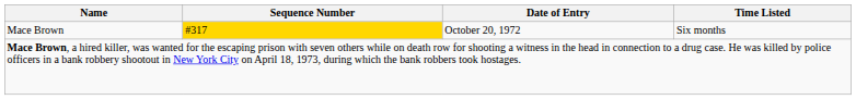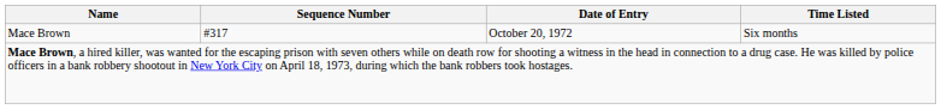 <table class="wikitable">
 <tr>
 <th>Name</th>
 <th>Sequence Number</th>
 <th>Date of Entry</th>
 <th>Time Listed</th>
 </tr>
 <tr>
 <td height="10">Mace Brown</td>
-<td style="background: gold;">#317</td>
+<td>#317</td>
 <td>October 20, 1972</td>
 <td>Six months</td>
 </tr>
 <tr>
 <td colspan="4" valign="top" height="75"><strong>Mace Brown</strong>, a hired killer, was wanted for the escaping prison with seven others while on death row for shooting a witness in the head in connection to a drug case. He was killed by police officers in a bank robbery shootout in <a href='#'>New York City</a> on April 18, 1973, during which the bank robbers took hostages.</td>
 </tr>
 </table>
